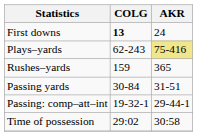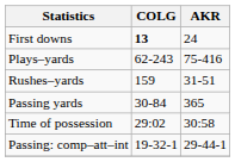 <table class="wikitable" style="float: left;">
 <tr>
 <th>Statistics</th>
 <th>COLG</th>
 <th>AKR</th>
 </tr>
 <tr>
 <td>First downs</td>
 <td><strong>13</strong></td>
 <td>24</td>
 </tr>
 <tr>
 <td>Plays–yards</td>
 <td>62-243</td>
-<td style="background: khaki;">75-416</td>
+<td>75-416</td>
 </tr>
 <tr>
 <td>Rushes–yards</td>
 <td>159</td>
-<td>365</td>
+<td>31-51</td>
 </tr>
 <tr>
 <td>Passing yards</td>
 <td>30-84</td>
-<td>31-51</td>
+<td>365</td>
+</tr>
+<tr>
+<td>Time of possession</td>
+<td>29:02</td>
+<td>30:58</td>
 </tr>
 <tr>
 <td>Passing: comp–att–int</td>
 <td>19-32-1</td>
 <td>29-44-1</td>
 </tr>
 <tr>
-<td>Time of possession</td>
-<td>29:02</td>
-<td>30:58</td>
-</tr>
-<tr>
 </tr>
 </table>
